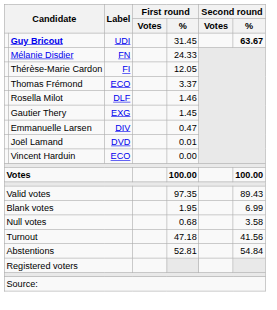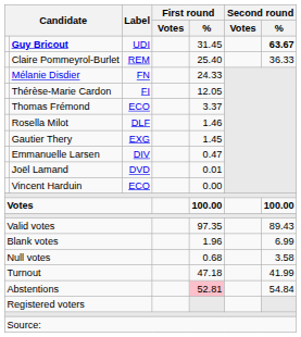 <table class="wikitable" style="text-align:right;font-size:95%;">
 <tr>
 <th rowspan="2" colspan="2">Candidate</th>
 <th rowspan="2">Label</th>
 <th colspan="2">First round</th>
 <th colspan="2">Second round</th>
 </tr>
 <tr>
 <th style="width:50px;">Votes</th>
 <th style="width:45px;">%</th>
 <th style="width:50px;">Votes</th>
 <th style="width:45px;">%</th>
 </tr>
 <tr>
 <td style="color:inherit;background:"></td>
 <td style="text-align:left;"><strong><a href='#'>Guy Bricout</a></strong></td>
 <td><a href='#'>UDI</a></td>
 <td></td>
 <td>31.45</td>
 <td><strong></strong></td>
 <td><strong>63.67</strong></td>
+</tr>
+<tr>
+<td style="color:inherit;background:"></td>
+<td style="text-align:left;">Claire Pommeyrol-Burlet</td>
+<td><a href='#'>REM</a></td>
+<td></td>
+<td>25.40</td>
+<td></td>
+<td>36.33</td>
 </tr>
 <tr>
 <td style="color:inherit;background:"></td>
 <td style="text-align:left;"><a href='#'>Mélanie Disdier</a></td>
 <td><a href='#'>FN</a></td>
 <td></td>
 <td>24.33</td>
 <td colspan="2" rowspan="8" style="background:#E9E9E9;"></td>
 </tr>
 <tr>
 <td style="color:inherit;background:"></td>
 <td style="text-align:left;">Thérèse-Marie Cardon</td>
 <td><a href='#'>FI</a></td>
 <td></td>
 <td>12.05</td>
 </tr>
 <tr>
 <td style="color:inherit;background:"></td>
 <td style="text-align:left;">Thomas Frémond</td>
 <td><a href='#'>ECO</a></td>
 <td></td>
 <td>3.37</td>
 </tr>
 <tr>
 <td style="color:inherit;background:"></td>
 <td style="text-align:left;">Rosella Milot</td>
 <td><a href='#'>DLF</a></td>
 <td></td>
 <td>1.46</td>
 </tr>
 <tr>
 <td style="color:inherit;background:"></td>
 <td style="text-align:left;">Gautier Thery</td>
 <td><a href='#'>EXG</a></td>
 <td></td>
 <td>1.45</td>
 </tr>
 <tr>
 <td style="color:inherit;background:"></td>
 <td style="text-align:left;">Emmanuelle Larsen</td>
 <td><a href='#'>DIV</a></td>
 <td></td>
 <td>0.47</td>
 </tr>
 <tr>
 <td style="color:inherit;background:"></td>
 <td style="text-align:left;">Joël Lamand</td>
 <td><a href='#'>DVD</a></td>
 <td></td>
 <td>0.01</td>
 </tr>
 <tr>
 <td style="color:inherit;background:"></td>
 <td style="text-align:left;">Vincent Harduin</td>
 <td><a href='#'>ECO</a></td>
 <td></td>
 <td>0.00</td>
 </tr>
 <tr>
 <td colspan="7" style="background:#E9E9E9;"></td>
 </tr>
 <tr style="font-weight:bold;">
 <td colspan="3" style="text-align:left;">Votes</td>
 <td></td>
 <td>100.00</td>
 <td></td>
 <td>100.00</td>
 </tr>
 <tr>
 <td colspan="7" style="background:#E9E9E9;"></td>
 </tr>
 <tr>
 <td colspan="3" style="text-align:left;">Valid votes</td>
 <td></td>
 <td>97.35</td>
 <td></td>
 <td>89.43</td>
 </tr>
 <tr>
 <td colspan="3" style="text-align:left;">Blank votes</td>
 <td></td>
-<td>1.95</td>
+<td>1.96</td>
 <td></td>
 <td>6.99</td>
 </tr>
 <tr>
 <td colspan="3" style="text-align:left;">Null votes</td>
 <td></td>
 <td>0.68</td>
 <td></td>
 <td>3.58</td>
 </tr>
 <tr>
 <td colspan="3" style="text-align:left;">Turnout</td>
 <td></td>
 <td>47.18</td>
 <td></td>
-<td>41.56</td>
+<td>41.99</td>
 </tr>
 <tr>
 <td colspan="3" style="text-align:left;">Abstentions</td>
 <td></td>
-<td>52.81</td>
+<td style="background: pink;">52.81</td>
 <td></td>
 <td>54.84</td>
 </tr>
 <tr>
 <td colspan="3" style="text-align:left;">Registered voters</td>
 <td></td>
 <td style="background:#E9E9E9;"></td>
 <td></td>
 <td style="background:#E9E9E9;"></td>
 </tr>
 <tr>
 <td colspan="7" style="background:#E9E9E9;"></td>
 </tr>
 <tr>
 <td colspan="7" style="text-align:left;">Source: </td>
 </tr>
 </table>
